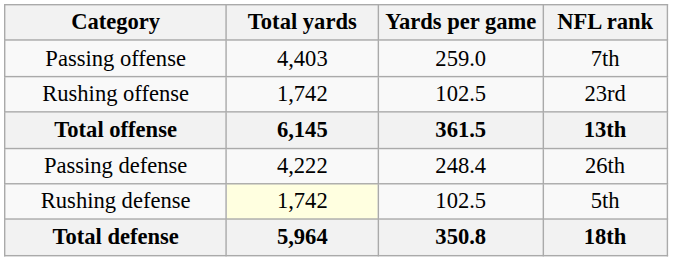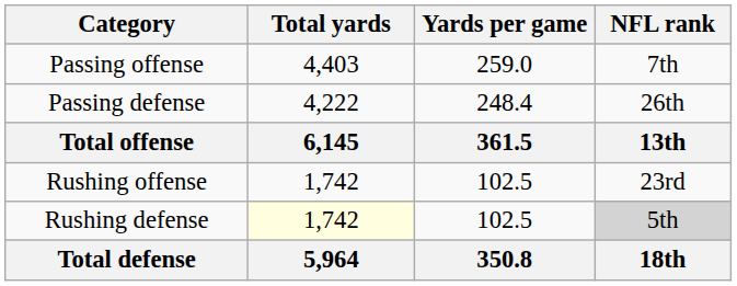 <table class="wikitable" style="text-align:center">
 <tr>
 <th width="150">Category</th>
 <th width="100">Total yards</th>
 <th width="110">Yards per game</th>
 <th width="80">NFL rank<br></th>
 </tr>
 <tr>
 <td>Passing offense</td>
 <td>4,403</td>
 <td>259.0</td>
 <td>7th</td>
 </tr>
 <tr>
-<td>Rushing offense</td>
-<td>1,742</td>
-<td>102.5</td>
-<td>23rd</td>
+<td>Passing defense</td>
+<td>4,222</td>
+<td>248.4</td>
+<td>26th</td>
 </tr>
 <tr>
 <th>Total offense</th>
 <th>6,145</th>
 <th>361.5</th>
 <th>13th</th>
 </tr>
 <tr>
-<td>Passing defense</td>
-<td>4,222</td>
-<td>248.4</td>
-<td>26th</td>
+<td>Rushing offense</td>
+<td>1,742</td>
+<td>102.5</td>
+<td>23rd</td>
 </tr>
 <tr>
 <td>Rushing defense</td>
 <td style="background: lightyellow;">1,742</td>
 <td>102.5</td>
-<td>5th</td>
+<td style="background: lightgrey;">5th</td>
 </tr>
 <tr>
 <th>Total defense</th>
 <th>5,964</th>
 <th>350.8</th>
 <th>18th</th>
 </tr>
 </table>
